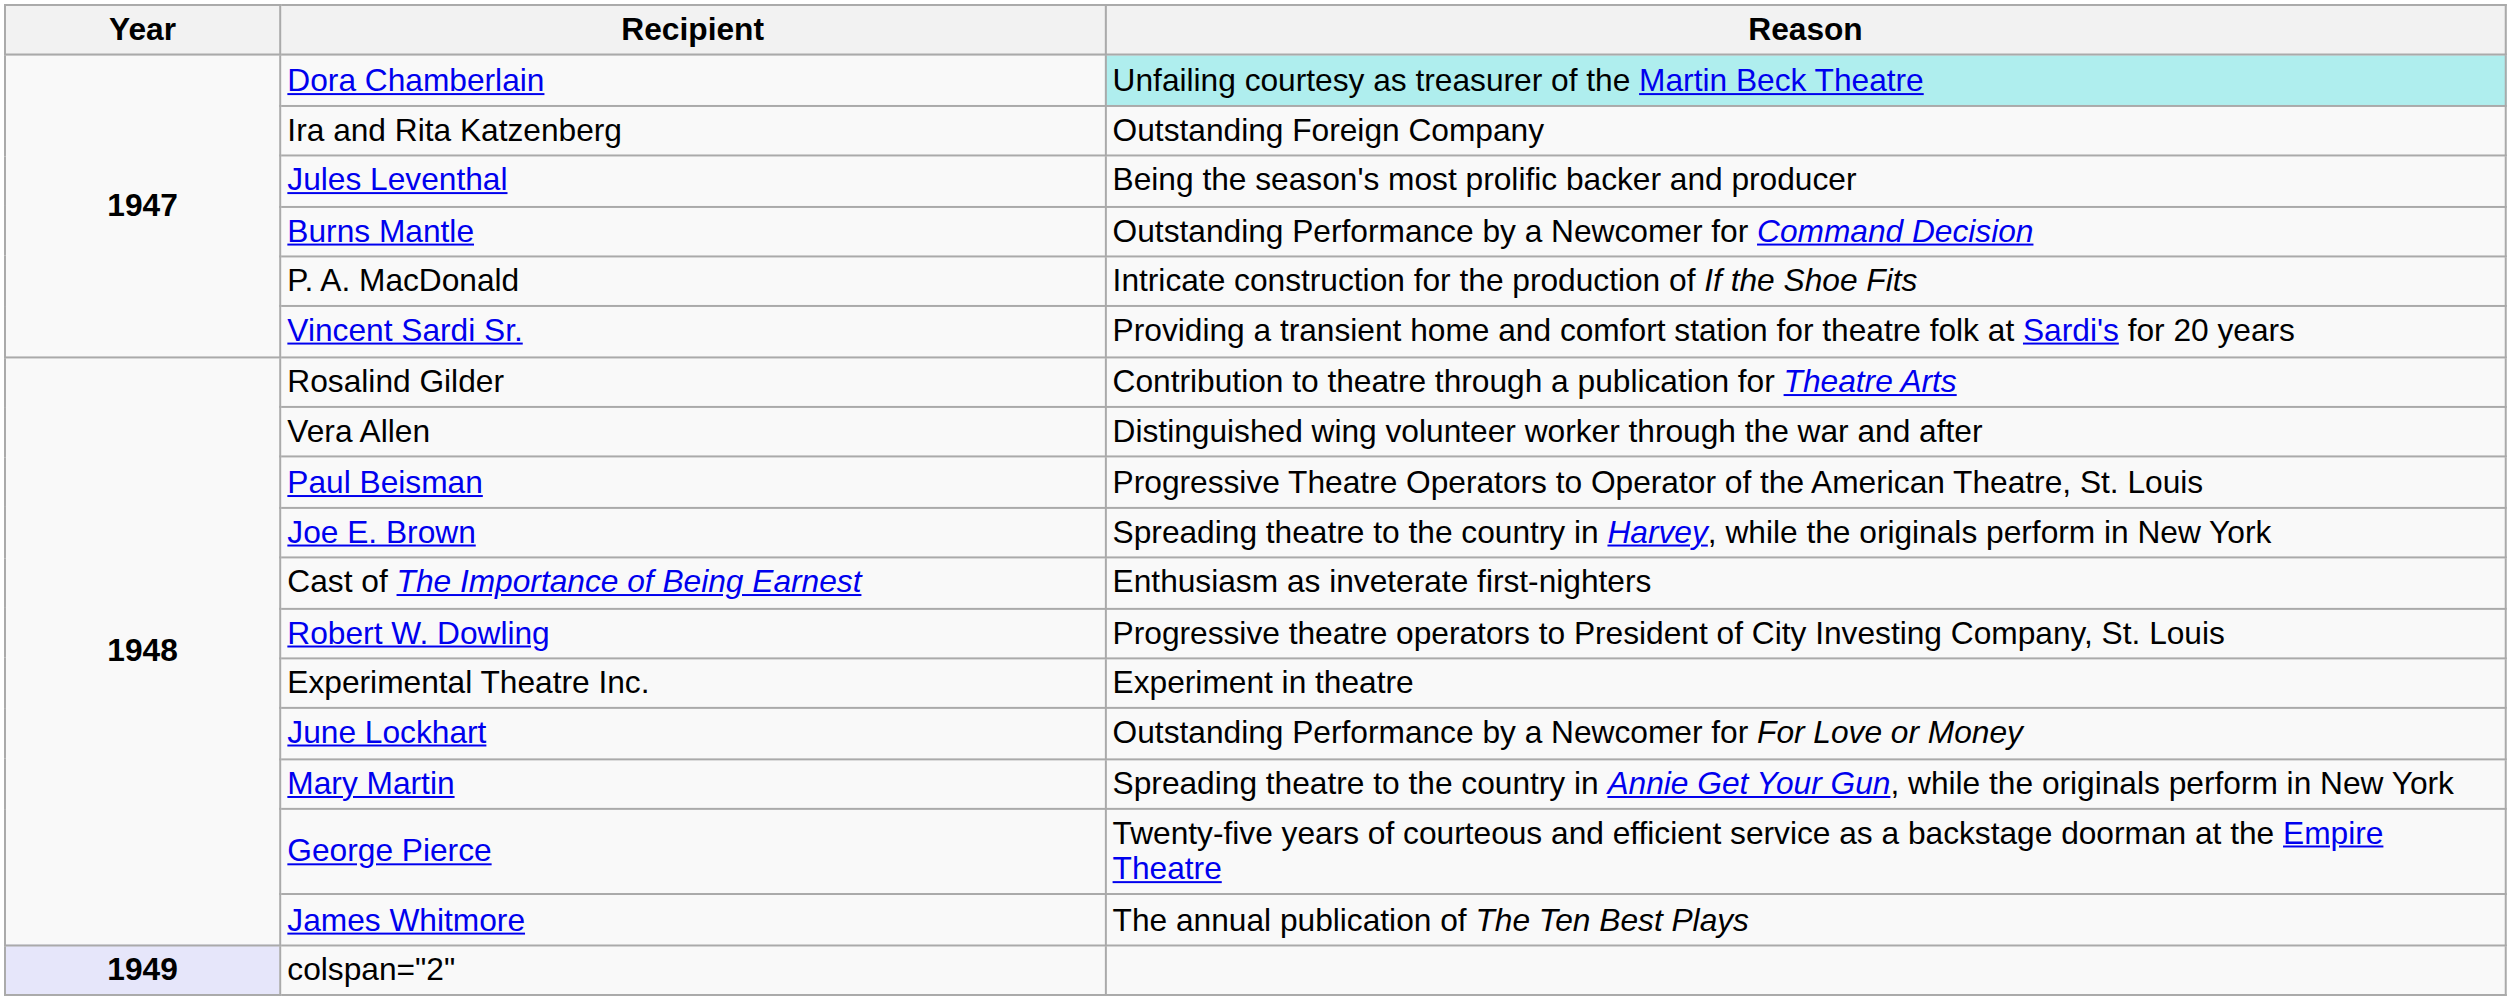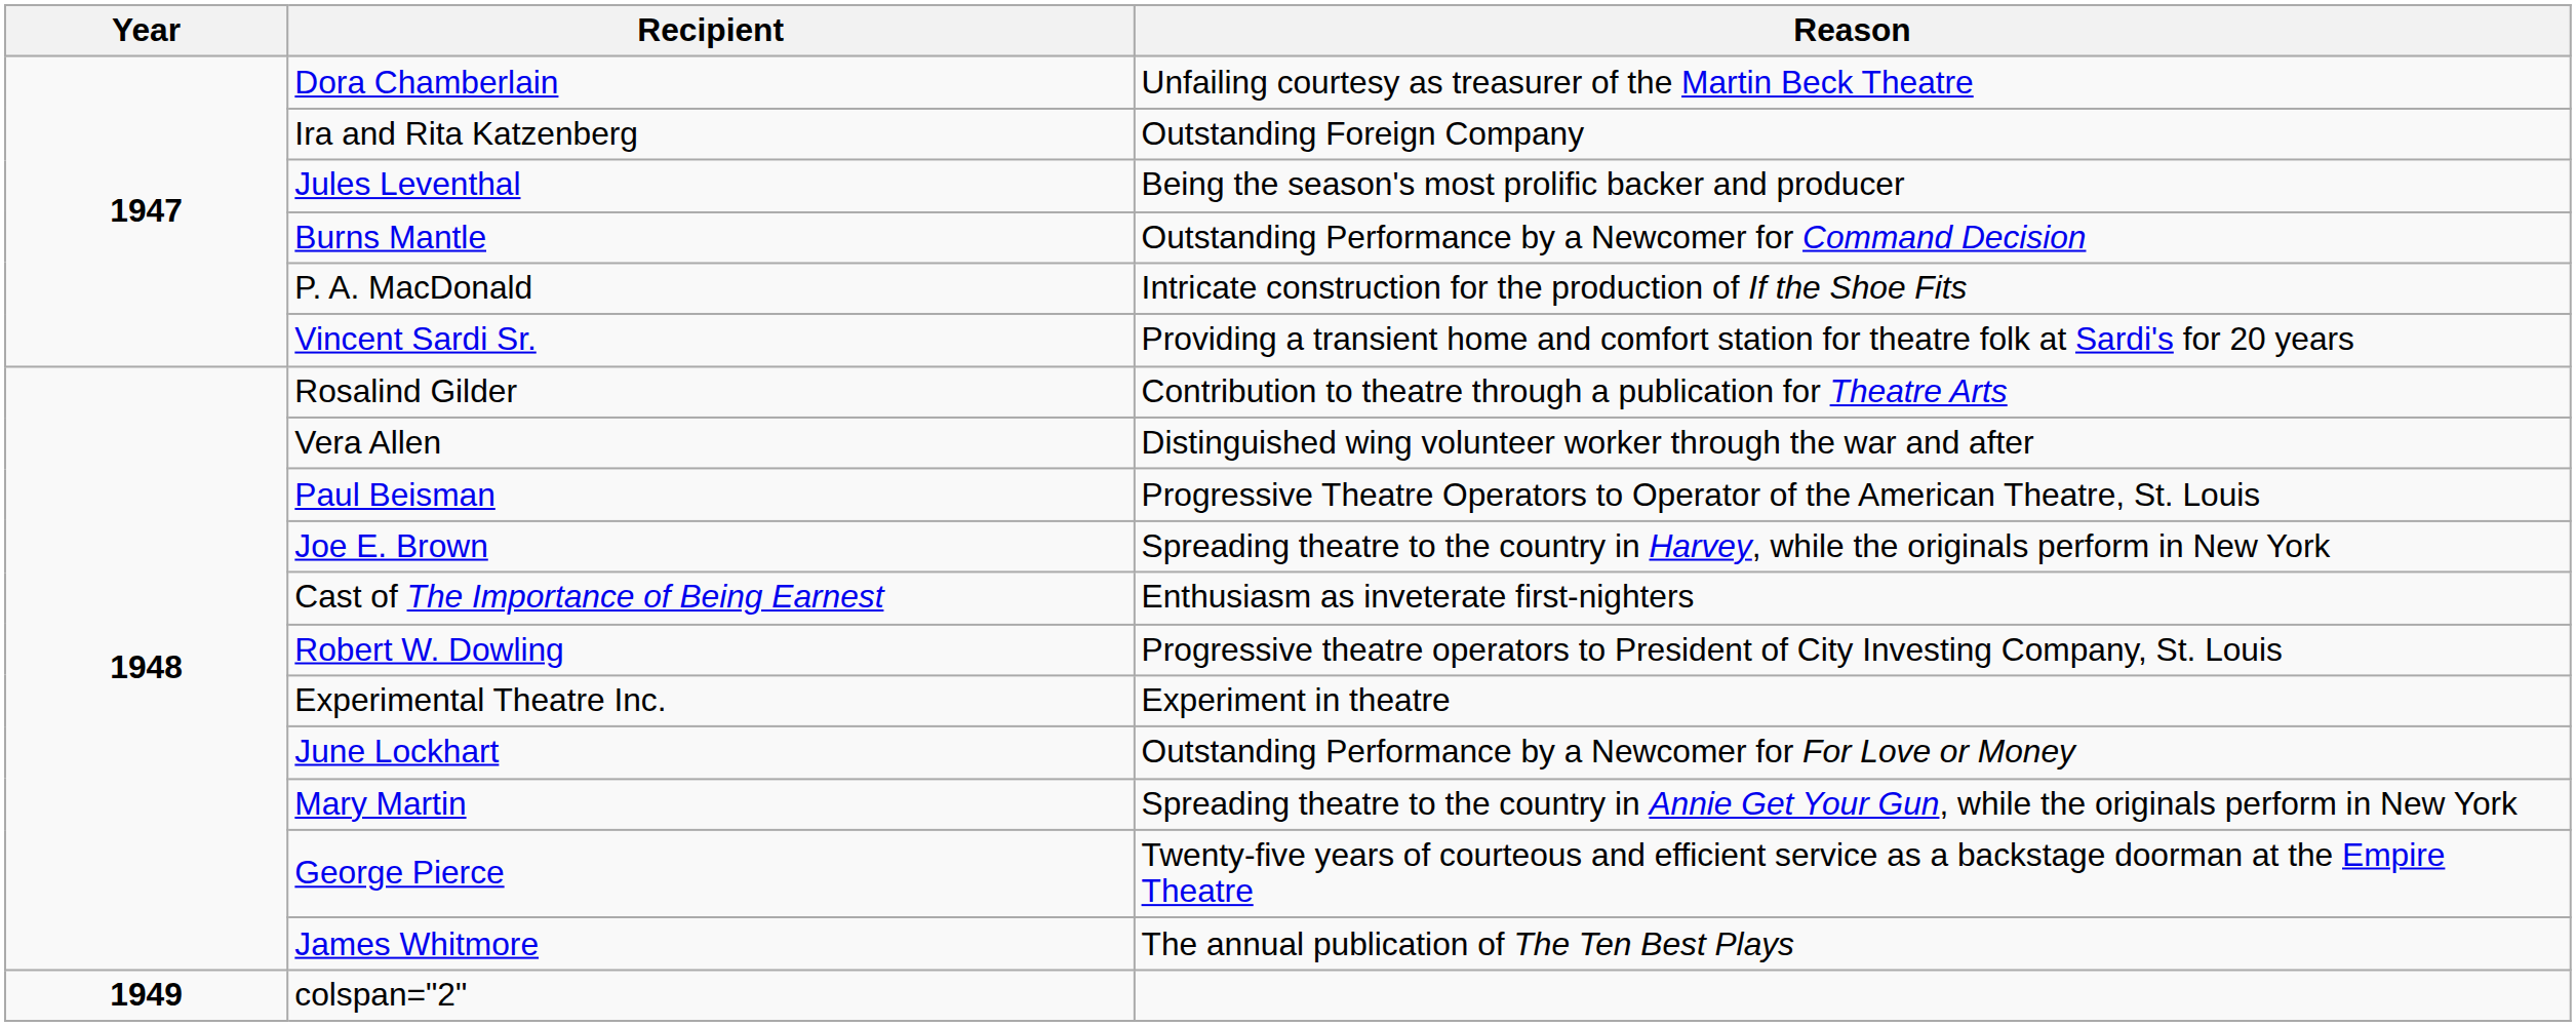 <table class="wikitable" style="width:100%;">
 <tr style="background:#bebebe;">
 <th style="width:11%;">Year</th>
 <th style="width:33%;”">Recipient</th>
 <th style="width:56%;”">Reason</th>
 </tr>
 <tr>
 <td rowspan="6" align="center"><strong>1947</strong><br></td>
 <td><a href='#'>Dora Chamberlain</a></td>
-<td style="background: paleturquoise;">Unfailing courtesy as treasurer of the <a href='#'>Martin Beck Theatre</a></td>
+<td>Unfailing courtesy as treasurer of the <a href='#'>Martin Beck Theatre</a></td>
 </tr>
 <tr>
 <td>Ira and Rita Katzenberg</td>
 <td>Outstanding Foreign Company</td>
 </tr>
 <tr>
 <td><a href='#'>Jules Leventhal</a></td>
 <td>Being the season's most prolific backer and producer</td>
 </tr>
 <tr>
 <td><a href='#'>Burns Mantle</a></td>
 <td>Outstanding Performance by a Newcomer for <em><a href='#'>Command Decision</a></em></td>
 </tr>
 <tr>
 <td>P. A. MacDonald</td>
 <td>Intricate construction for the production of <em>If the Shoe Fits</em></td>
 </tr>
 <tr>
 <td><a href='#'>Vincent Sardi Sr.</a></td>
 <td>Providing a transient home and comfort station for theatre folk at <a href='#'>Sardi's</a> for 20 years</td>
 </tr>
 <tr>
 <td rowspan="11" align="center"><strong>1948</strong><br></td>
 <td>Rosalind Gilder</td>
 <td>Contribution to theatre through a publication for <em><a href='#'>Theatre Arts</a></em></td>
 </tr>
 <tr>
 <td>Vera Allen</td>
 <td>Distinguished wing volunteer worker through the war and after</td>
 </tr>
 <tr>
 <td><a href='#'>Paul Beisman</a></td>
 <td>Progressive Theatre Operators to Operator of the American Theatre, St. Louis</td>
 </tr>
 <tr>
 <td><a href='#'>Joe E. Brown</a></td>
 <td>Spreading theatre to the country in <em><a href='#'>Harvey</a></em>, while the originals perform in New York</td>
 </tr>
 <tr>
 <td>Cast of <em><a href='#'>The Importance of Being Earnest</a></em></td>
 <td>Enthusiasm as inveterate first-nighters</td>
 </tr>
 <tr>
 <td><a href='#'>Robert W. Dowling</a></td>
 <td>Progressive theatre operators to President of City Investing Company, St. Louis</td>
 </tr>
 <tr>
 <td>Experimental Theatre Inc.</td>
 <td>Experiment in theatre</td>
 </tr>
 <tr>
 <td><a href='#'>June Lockhart</a></td>
 <td>Outstanding Performance by a Newcomer for <em>For Love or Money</em></td>
 </tr>
 <tr>
 <td><a href='#'>Mary Martin</a></td>
 <td>Spreading theatre to the country in <em><a href='#'>Annie Get Your Gun</a></em>, while the originals perform in New York</td>
 </tr>
 <tr>
 <td><a href='#'>George Pierce</a></td>
 <td>Twenty-five years of courteous and efficient service as a backstage doorman at the <a href='#'>Empire Theatre</a></td>
 </tr>
 <tr>
 <td><a href='#'>James Whitmore</a></td>
 <td>The annual publication of <em>The Ten Best Plays</em></td>
 </tr>
 <tr>
-<td align="center" style="background: lavender;"><strong>1949</strong><br></td>
+<td align="center"><strong>1949</strong><br></td>
 <td>colspan="2" </td>
 </tr>
 </table>
